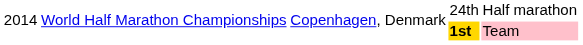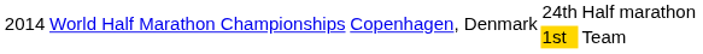 <table>
 <tr>
 <td rowspan=2>2014</td>
 <td rowspan=2><a href='#'>World Half Marathon Championships</a></td>
 <td rowspan=2><a href='#'>Copenhagen</a>, Denmark</td>
 <td>24th</td>
 <td>Half marathon</td>
 </tr>
 <tr>
-<td bgcolor=gold><strong>1st</strong></td>
-<td style="background: pink;">Team</td>
+<td bgcolor=gold>1st</td>
+<td>Team</td>
 </tr>
 </table>
